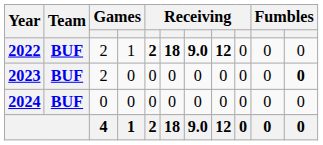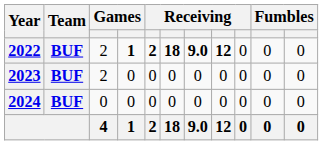 <table class= "wikitable" style="text-align:center;">
 <tr>
 <th rowspan="2">Year</th>
 <th rowspan="2">Team</th>
 <th colspan="2">Games</th>
 <th colspan="5">Receiving</th>
 <th colspan="2">Fumbles</th>
 </tr>
 <tr>
 <th></th>
 <th></th>
 <th></th>
 <th></th>
 <th></th>
 <th></th>
 <th></th>
 <th></th>
 <th></th>
 </tr>
 <tr>
 <th><a href='#'>2022</a></th>
 <th><a href='#'>BUF</a></th>
 <td>2</td>
-<td>1</td>
+<td><strong>1</strong></td>
 <td><strong>2</strong></td>
 <td><strong>18</strong></td>
 <td><strong>9.0</strong></td>
 <td><strong>12</strong></td>
 <td>0</td>
 <td>0</td>
 <td>0</td>
 </tr>
 <tr>
 <th><a href='#'>2023</a></th>
 <th><a href='#'>BUF</a></th>
 <td>2</td>
 <td>0</td>
 <td>0</td>
 <td>0</td>
 <td>0</td>
 <td>0</td>
 <td>0</td>
 <td>0</td>
-<td><strong>0</strong></td>
+<td>0</td>
 </tr>
 <tr>
 <th><a href='#'>2024</a></th>
 <th><a href='#'>BUF</a></th>
 <td>0</td>
 <td>0</td>
 <td>0</td>
 <td>0</td>
 <td>0</td>
 <td>0</td>
 <td>0</td>
 <td>0</td>
 <td>0</td>
 </tr>
 <tr>
 <th colspan="2"></th>
 <th>4</th>
 <th>1</th>
 <th>2</th>
 <th>18</th>
 <th>9.0</th>
 <th>12</th>
 <th>0</th>
 <th>0</th>
 <th>0</th>
 </tr>
 </table>
